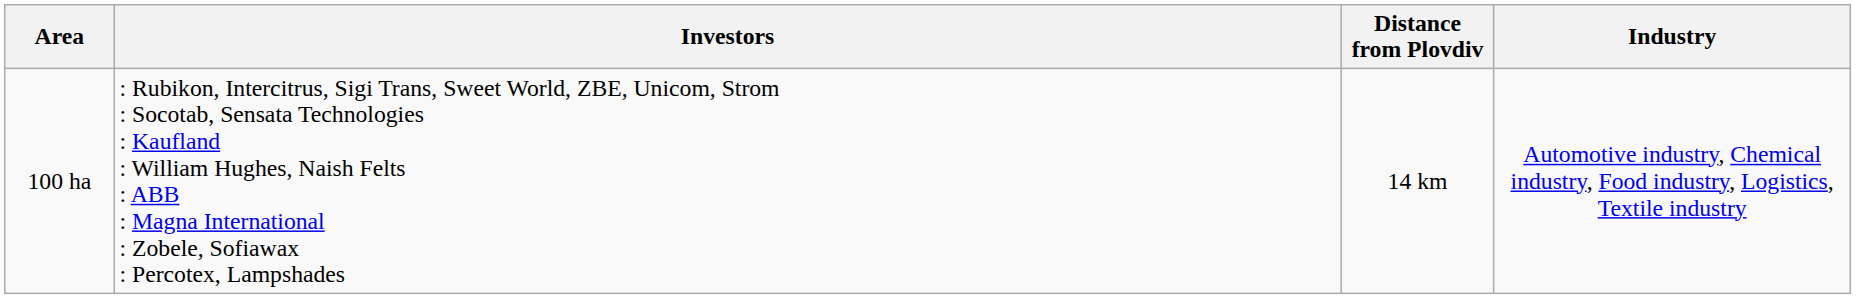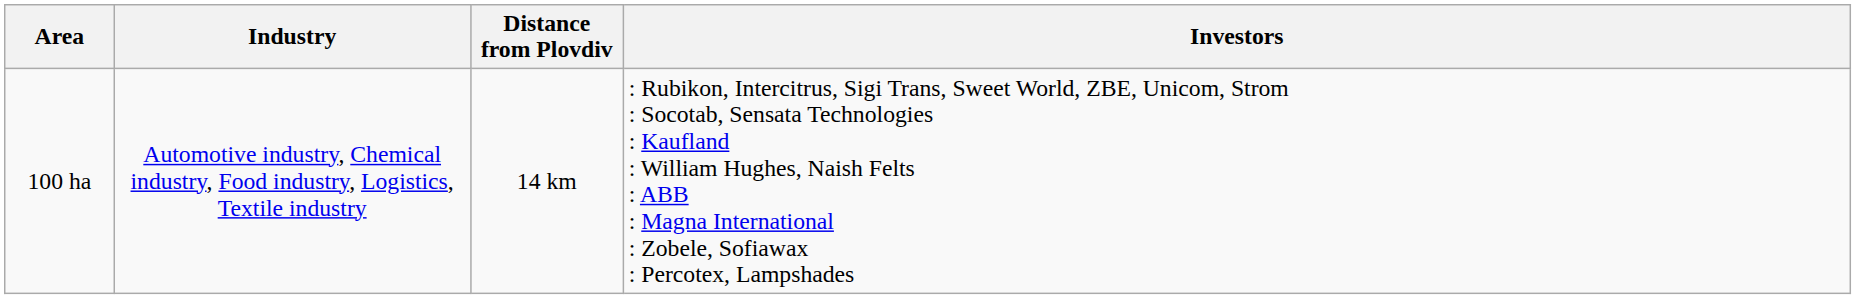 <table class="wikitable" style="text-align:center">
 <tr>
 <th width="70">Area</th>
+<th width="250">Industry</th>
+<th width="100">Distance from Plovdiv</th>
 <th width="900">Investors</th>
-<th width="100">Distance from Plovdiv</th>
-<th width="250">Industry</th>
 </tr>
 <tr>
 <td>100 ha</td>
+<td><a href='#'>Automotive industry</a>, <a href='#'>Chemical industry</a>, <a href='#'>Food industry</a>, <a href='#'>Logistics</a>, <a href='#'>Textile industry</a></td>
+<td>14 km</td>
 <td style="text-align: left;">: Rubikon, Intercitrus, Sigi Trans, Sweet World, ZBE, Unicom, Strom<br>: Socotab, Sensata Technologies<br> : <a href='#'>Kaufland</a><br> : William Hughes, Naish Felts<br> : <a href='#'>ABB</a><br> : <a href='#'>Magna International</a><br> : Zobele, Sofiawax<br> : Percotex, Lampshades</td>
-<td>14 km</td>
-<td><a href='#'>Automotive industry</a>, <a href='#'>Chemical industry</a>, <a href='#'>Food industry</a>, <a href='#'>Logistics</a>, <a href='#'>Textile industry</a></td>
 </tr>
 </table>
